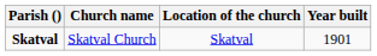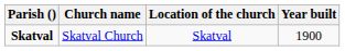 <table class="wikitable" style="text-align:center">
 <tr>
 <th>Parish ()</th>
 <th>Church name</th>
 <th>Location of the church</th>
 <th>Year built</th>
 </tr>
 <tr>
 <td rowspan="1"><strong>Skatval</strong></td>
 <td><a href='#'>Skatval Church</a></td>
 <td><a href='#'>Skatval</a></td>
-<td>1901</td>
+<td>1900</td>
 </tr>
 </table>
